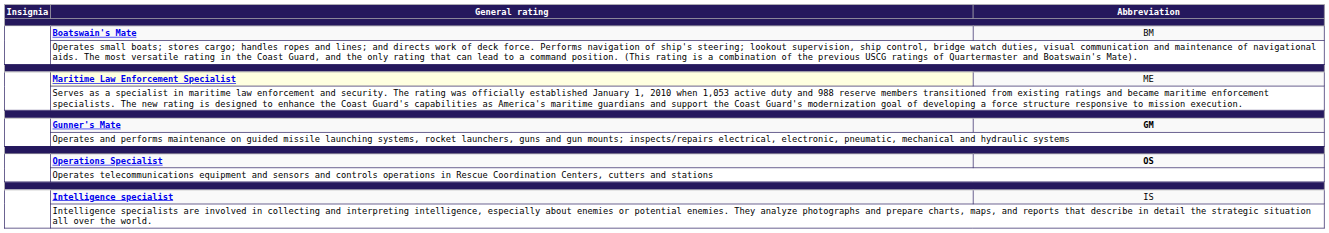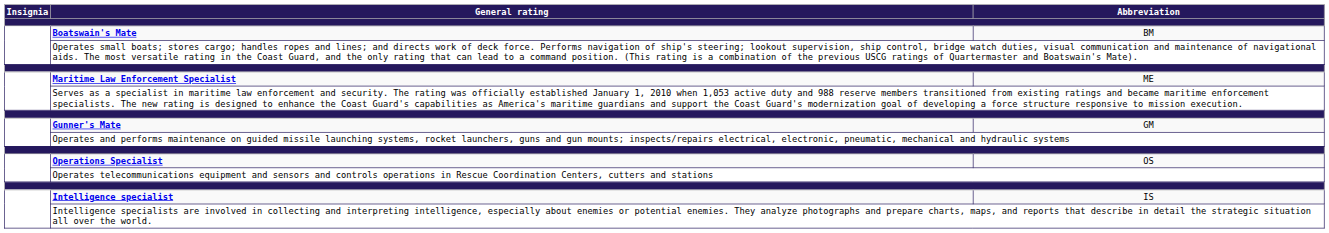 <table class="wikitable" style="border: 1px solid #25185d; ">
 <tr>
 <th style="background-color: #25185d; color: white">Insignia</th>
 <th style="background-color: #25185d; color: white">General rating</th>
 <th style="background-color: #25185d; color: white">Abbreviation</th>
 </tr>
 <tr>
 <td colspan="3" style="background:#25185d;" height=5px></td>
 </tr>
 <tr>
 <td style="border: 1px solid #25185d; background-color: #FFFFFF" rowspan="2"></td>
 <td style="border: 1px solid #25185d;"><strong><a href='#'>Boatswain's Mate</a></strong></td>
 <td style="border: 1px solid #25185d; text-align: center">BM</td>
 </tr>
 <tr style="border: 1px solid #25185d; background-color: #FFFFFF" |>
 <td style="border: 1px solid #25185d;" colspan="2" valign="top">Operates small boats; stores cargo; handles ropes and lines; and directs work of deck force.  Performs navigation of ship's steering; lookout supervision, ship control, bridge watch duties, visual communication and maintenance of navigational aids. The most versatile rating in the Coast Guard, and the only rating that can lead to a command position. (This rating is a combination of the previous USCG ratings of Quartermaster and Boatswain's Mate).</td>
 </tr>
 <tr>
 <td colspan="3" style="background:#25185d;" height=5px></td>
 </tr>
 <tr>
 <td style="border: 1px solid #25185d; background-color: #FFFFFF" rowspan="2"></td>
-<td style="background: lightyellow; border: 1px solid #25185d;"><strong><a href='#'>Maritime Law Enforcement Specialist</a></strong></td>
+<td style="border: 1px solid #25185d;"><strong><a href='#'>Maritime Law Enforcement Specialist</a></strong></td>
 <td style="border: 1px solid #25185d; text-align: center">ME</td>
 </tr>
 <tr style="border: 1px solid #25185d; background-color: #FFFFFF" |>
 <td style="border: 1px solid #25185d;" colspan="2" valign="top">Serves as a specialist in maritime law enforcement and security. The rating was officially established January 1, 2010 when 1,053 active duty and 988 reserve members transitioned from existing ratings and became maritime enforcement specialists. The new rating is designed to enhance the Coast Guard's capabilities as America's maritime guardians and support the Coast Guard's modernization goal of developing a force structure responsive to mission execution.</td>
 </tr>
 <tr>
 <td colspan="3" style="background:#25185d;" height=5px></td>
 </tr>
 <tr>
 <td style="border: 1px solid #25185d; background-color: #FFFFFF" rowspan="2"></td>
 <td style="border: 1px solid #25185d;"><strong><a href='#'>Gunner's Mate</a></strong></td>
-<td style="border: 1px solid #25185d; text-align: center"><strong>GM</strong></td>
+<td style="border: 1px solid #25185d; text-align: center">GM</td>
 </tr>
 <tr style="border: 1px solid #25185d; background-color: #FFFFFF" |>
 <td style="border: 1px solid #25185d;" colspan="2" valign="top">Operates and performs maintenance on guided missile launching systems, rocket launchers, guns and gun mounts; inspects/repairs electrical, electronic, pneumatic, mechanical and hydraulic systems</td>
 </tr>
 <tr>
 <td colspan="3" style="background:#25185d;" height=5px></td>
 </tr>
 <tr>
 <td style="border: 1px solid #25185d; background-color: #FFFFFF" rowspan="2"></td>
 <td style="border: 1px solid #25185d;"><strong><a href='#'>Operations Specialist</a></strong></td>
-<td style="border: 1px solid #25185d; text-align: center"><strong>OS</strong></td>
+<td style="border: 1px solid #25185d; text-align: center">OS</td>
 </tr>
 <tr style="border: 1px solid #25185d; background-color: #FFFFFF" |>
 <td style="border: 1px solid #25185d;" colspan="2" valign="top">Operates telecommunications equipment and sensors and controls operations in Rescue Coordination Centers, cutters and stations</td>
 </tr>
 <tr>
 <td colspan="3" style="background:#25185d;" height=5px></td>
 </tr>
 <tr>
 <td style="border: 1px solid #25185d; background-color: #FFFFFF" rowspan="2"></td>
 <td style="border: 1px solid #25185d;"><strong><a href='#'>Intelligence specialist</a></strong></td>
 <td style="border: 1px solid #25185d; text-align: center">IS</td>
 </tr>
 <tr style="border: 1px solid #25185d; background-color: #FFFFFF" |>
 <td style="border: 1px solid #25185d;" colspan="2" valign="top">Intelligence specialists are involved in collecting and interpreting intelligence, especially about enemies or potential enemies. They analyze photographs and prepare charts, maps, and reports that describe in detail the strategic situation all over the world.</td>
 </tr>
 </table>
